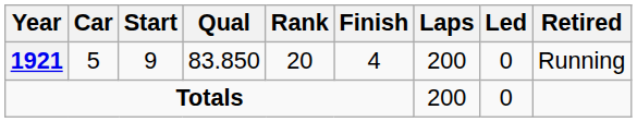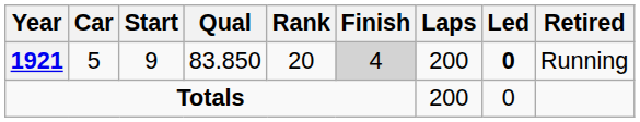 <table class="wikitable" style="text-align:center">
 <tr>
 <th>Year</th>
 <th>Car</th>
 <th>Start</th>
 <th>Qual</th>
 <th>Rank</th>
 <th>Finish</th>
 <th>Laps</th>
 <th>Led</th>
 <th>Retired</th>
 </tr>
 <tr>
 <th><a href='#'>1921</a></th>
 <td>5</td>
 <td>9</td>
 <td>83.850</td>
 <td>20</td>
-<td>4</td>
+<td style="background: lightgrey;">4</td>
 <td>200</td>
-<td>0</td>
+<td><strong>0</strong></td>
 <td>Running</td>
 </tr>
 <tr>
 <td colspan=6><strong>Totals</strong></td>
 <td>200</td>
 <td>0</td>
 <td></td>
 </tr>
 </table>
